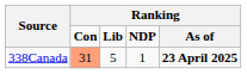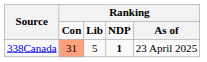 <table class="wikitable" style="text-align:center">
 <tr>
 <th rowspan="2">Source</th>
 <th colspan="6">Ranking</th>
 </tr>
 <tr>
 <td><strong>Con</strong></td>
 <td><strong>Lib</strong></td>
 <td><strong>NDP</strong></td>
 <th>As of</th>
 </tr>
 <tr>
 <td><a href='#'>338Canada</a></td>
 <td style="background: lightsalmon;">31</td>
 <td>5</td>
-<td>1</td>
-<td><strong>23 April 2025</strong></td>
+<td><strong>1</strong></td>
+<td>23 April 2025</td>
 </tr>
 </table>
